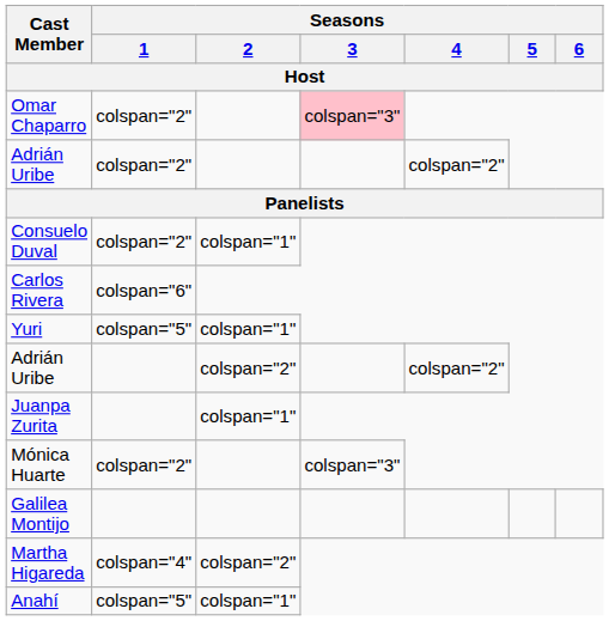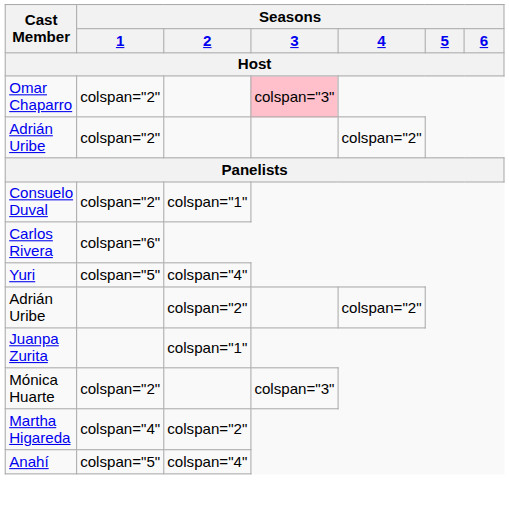 <table class="wikitable mw-collapsible mw-collapsed" style="margin-left: auto; margin-right: auto; border: none; font-size:90%; width:30%;">
 <tr>
 <th rowspan="2">Cast Member</th>
 <th colspan="6">Seasons</th>
 </tr>
 <tr>
 <th width="50"><a href='#'>1</a></th>
 <th width="50"><a href='#'>2</a></th>
 <th width="50"><a href='#'>3</a></th>
 <th width="50"><a href='#'>4</a></th>
 <th width="50"><a href='#'>5</a></th>
 <th width="50"><a href='#'>6</a></th>
 </tr>
 <tr>
 <th colspan="7">Host</th>
 </tr>
 <tr>
 <td><a href='#'>Omar Chaparro</a></td>
 <td>colspan="2" </td>
 <td></td>
 <td style="background: pink;">colspan="3" </td>
 </tr>
 <tr>
 <td><a href='#'>Adrián Uribe</a></td>
 <td>colspan="2" </td>
 <td></td>
 <td></td>
 <td>colspan="2" </td>
 </tr>
 <tr>
 <th colspan="7">Panelists</th>
 </tr>
 <tr>
 <td><a href='#'>Consuelo Duval</a></td>
 <td>colspan="2" </td>
 <td>colspan="1" </td>
 </tr>
 <tr>
 <td><a href='#'>Carlos Rivera</a></td>
 <td>colspan="6" </td>
 </tr>
 <tr>
 <td><a href='#'>Yuri</a></td>
 <td>colspan="5" </td>
-<td>colspan="1" </td>
+<td>colspan="4" </td>
 </tr>
 <tr>
 <td>Adrián Uribe</td>
 <td></td>
 <td>colspan="2" </td>
 <td></td>
 <td>colspan="2" </td>
 </tr>
 <tr>
 <td><a href='#'>Juanpa Zurita</a></td>
 <td></td>
 <td>colspan="1" </td>
 </tr>
 <tr>
 <td>Mónica Huarte</td>
 <td>colspan="2" </td>
 <td></td>
 <td>colspan="3" </td>
 </tr>
 <tr>
-<td><a href='#'>Galilea Montijo</a></td>
-<td></td>
-<td></td>
-<td></td>
-<td></td>
-<td></td>
-<td></td>
-</tr>
-<tr>
 <td><a href='#'>Martha Higareda</a></td>
 <td>colspan="4" </td>
 <td>colspan="2" </td>
 </tr>
 <tr>
 <td><a href='#'>Anahí</a></td>
 <td>colspan="5" </td>
-<td>colspan="1" </td>
+<td>colspan="4" </td>
 </tr>
 </table>
